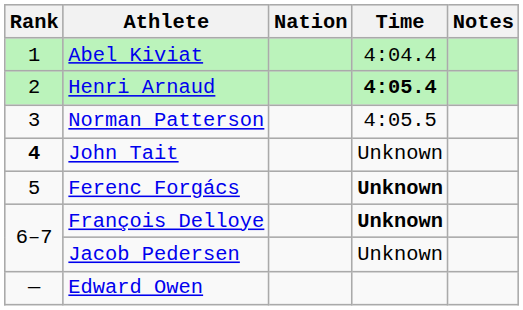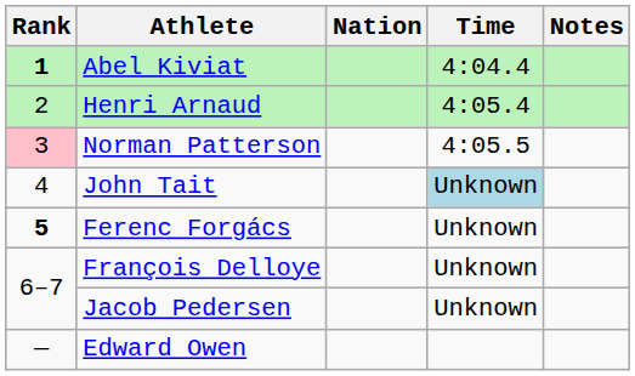 <table class="wikitable sortable" style="text-align:center">
 <tr>
 <th>Rank</th>
 <th>Athlete</th>
 <th>Nation</th>
 <th>Time</th>
 <th>Notes</th>
 </tr>
 <tr bgcolor=bbf3bb>
-<td>1</td>
+<td><strong>1</strong></td>
 <td align=left><a href='#'>Abel Kiviat</a></td>
 <td align=left></td>
 <td>4:04.4</td>
 <td></td>
 </tr>
 <tr bgcolor=bbf3bb>
 <td>2</td>
 <td align=left><a href='#'>Henri Arnaud</a></td>
 <td align=left></td>
-<td><strong>4:05.4</strong></td>
+<td>4:05.4</td>
 <td></td>
 </tr>
 <tr>
-<td>3</td>
+<td style="background: pink;">3</td>
 <td align=left><a href='#'>Norman Patterson</a></td>
 <td align=left></td>
 <td>4:05.5</td>
 <td></td>
 </tr>
 <tr>
-<td><strong>4</strong></td>
+<td>4</td>
 <td align=left><a href='#'>John Tait</a></td>
 <td align=left></td>
-<td>Unknown</td>
+<td style="background: lightblue;">Unknown</td>
 <td></td>
 </tr>
 <tr>
-<td>5</td>
+<td><strong>5</strong></td>
 <td align=left><a href='#'>Ferenc Forgács</a></td>
 <td align=left></td>
-<td><strong>Unknown</strong></td>
+<td>Unknown</td>
 <td></td>
 </tr>
 <tr>
 <td rowspan=2>6–7</td>
 <td align=left><a href='#'>François Delloye</a></td>
 <td align=left></td>
-<td><strong>Unknown</strong></td>
+<td>Unknown</td>
 <td></td>
 </tr>
 <tr>
 <td align=left><a href='#'>Jacob Pedersen</a></td>
 <td align=left></td>
 <td>Unknown</td>
 <td></td>
 </tr>
 <tr>
 <td data-sort-value=8>—</td>
 <td align=left><a href='#'>Edward Owen</a></td>
 <td align=left></td>
 <td></td>
 <td></td>
 </tr>
 </table>
